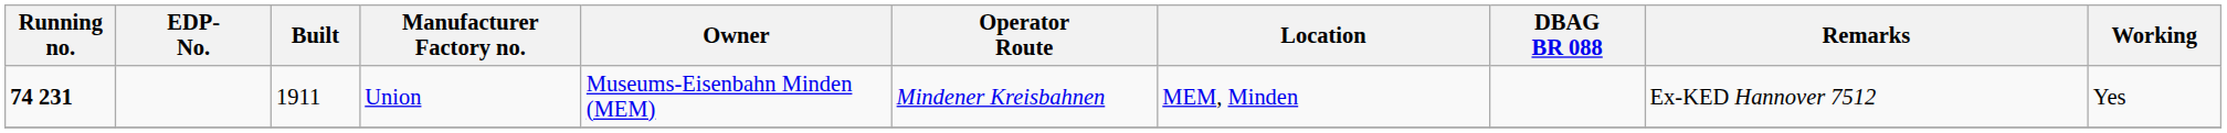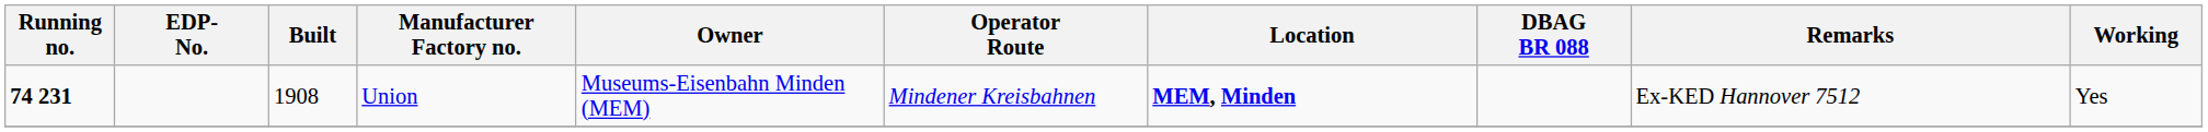 <table class="wikitable" style="width="100%"; border:solid 1px #AAAAAA; background:#e3e3e3;">
 <tr>
 <th width="5%">Running<br>no.</th>
 <th width="7%">EDP-<br>No.</th>
 <th width="4%">Built</th>
 <th width="10%">Manufacturer<br>Factory no.</th>
 <th width="14%">Owner</th>
 <th width="12%”">Operator<br>Route</th>
 <th width="15%">Location</th>
 <th width="7%">DBAG<br><a href='#'>BR 088</a></th>
 <th width="20%">Remarks</th>
 <th width="8%">Working</th>
 </tr>
 <tr>
 <td><strong>74 231</strong></td>
 <td></td>
-<td>1911</td>
+<td>1908</td>
 <td><a href='#'>Union</a><br></td>
 <td><a href='#'>Museums-Eisenbahn Minden (MEM)</a></td>
 <td><em><a href='#'>Mindener Kreisbahnen</a></em></td>
-<td><a href='#'>MEM</a>, <a href='#'>Minden</a></td>
+<td><strong><a href='#'>MEM</a>, <a href='#'>Minden</a></strong></td>
 <td></td>
 <td>Ex-KED <em>Hannover 7512</em></td>
 <td>Yes</td>
 </tr>
 <tr>
 </tr>
 </table>
